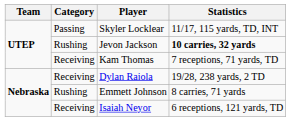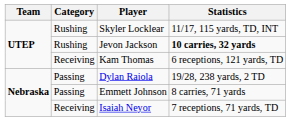 <table class="wikitable" style="float: right;">
 <tr>
 <th>Team</th>
 <th>Category</th>
 <th>Player</th>
 <th>Statistics</th>
 </tr>
 <tr>
 <td rowspan=3><strong>UTEP</strong></td>
-<td>Passing</td>
+<td>Rushing</td>
 <td>Skyler Locklear</td>
 <td>11/17, 115 yards, TD, INT</td>
 </tr>
 <tr>
 <td>Rushing</td>
 <td>Jevon Jackson</td>
 <td><strong>10 carries, 32 yards</strong></td>
 </tr>
 <tr>
 <td>Receiving</td>
 <td>Kam Thomas</td>
-<td>7 receptions, 71 yards, TD</td>
+<td>6 receptions, 121 yards, TD</td>
 </tr>
 <tr>
 <td rowspan=3><strong>Nebraska</strong></td>
-<td>Receiving</td>
+<td>Passing</td>
 <td><a href='#'>Dylan Raiola</a></td>
 <td>19/28, 238 yards, 2 TD</td>
 </tr>
 <tr>
-<td>Rushing</td>
+<td>Passing</td>
 <td>Emmett Johnson</td>
 <td>8 carries, 71 yards</td>
 </tr>
 <tr>
 <td>Receiving</td>
 <td><a href='#'>Isaiah Neyor</a></td>
-<td>6 receptions, 121 yards, TD</td>
+<td>7 receptions, 71 yards, TD</td>
 </tr>
 </table>
